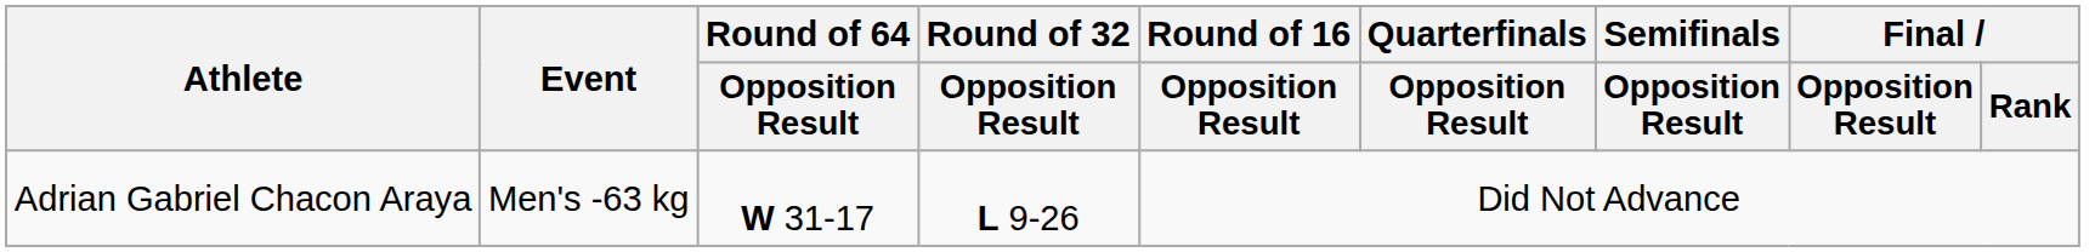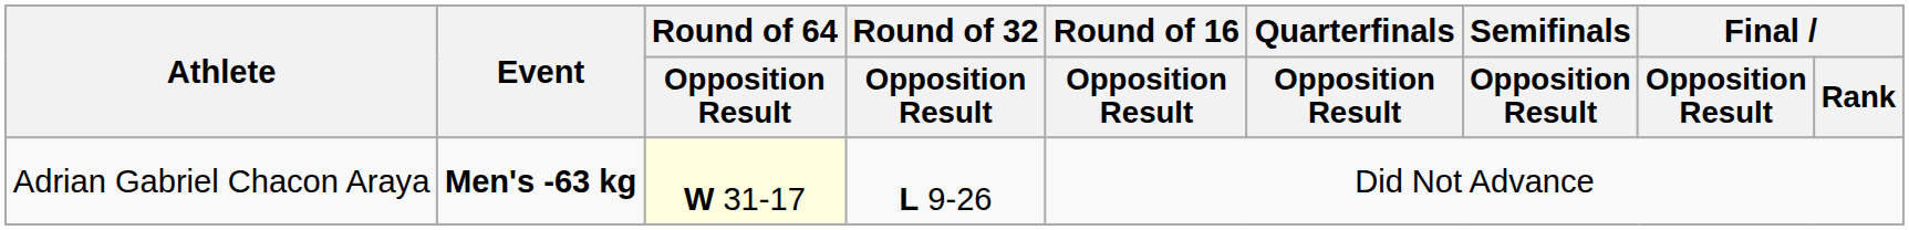 <table class="wikitable" style="font-size:90%">
 <tr>
 <th rowspan="2">Athlete</th>
 <th rowspan="2">Event</th>
 <th>Round of 64</th>
 <th>Round of 32</th>
 <th>Round of 16</th>
 <th>Quarterfinals</th>
 <th>Semifinals</th>
 <th colspan=2>Final / </th>
 </tr>
 <tr style="font-size:95%">
 <th>Opposition<br>Result</th>
 <th>Opposition<br>Result</th>
 <th>Opposition<br>Result</th>
 <th>Opposition<br>Result</th>
 <th>Opposition<br>Result</th>
 <th>Opposition<br>Result</th>
 <th>Rank</th>
 </tr>
 <tr align=center>
 <td align=left>Adrian Gabriel Chacon Araya</td>
-<td align=left>Men's -63 kg</td>
-<td><br><strong>W</strong> 31-17</td>
+<td align=left><strong>Men's -63 kg</strong></td>
+<td style="background: lightyellow;"><br><strong>W</strong> 31-17</td>
 <td><br><strong>L</strong> 9-26</td>
 <td colspan=5>Did Not Advance</td>
 </tr>
 </table>
